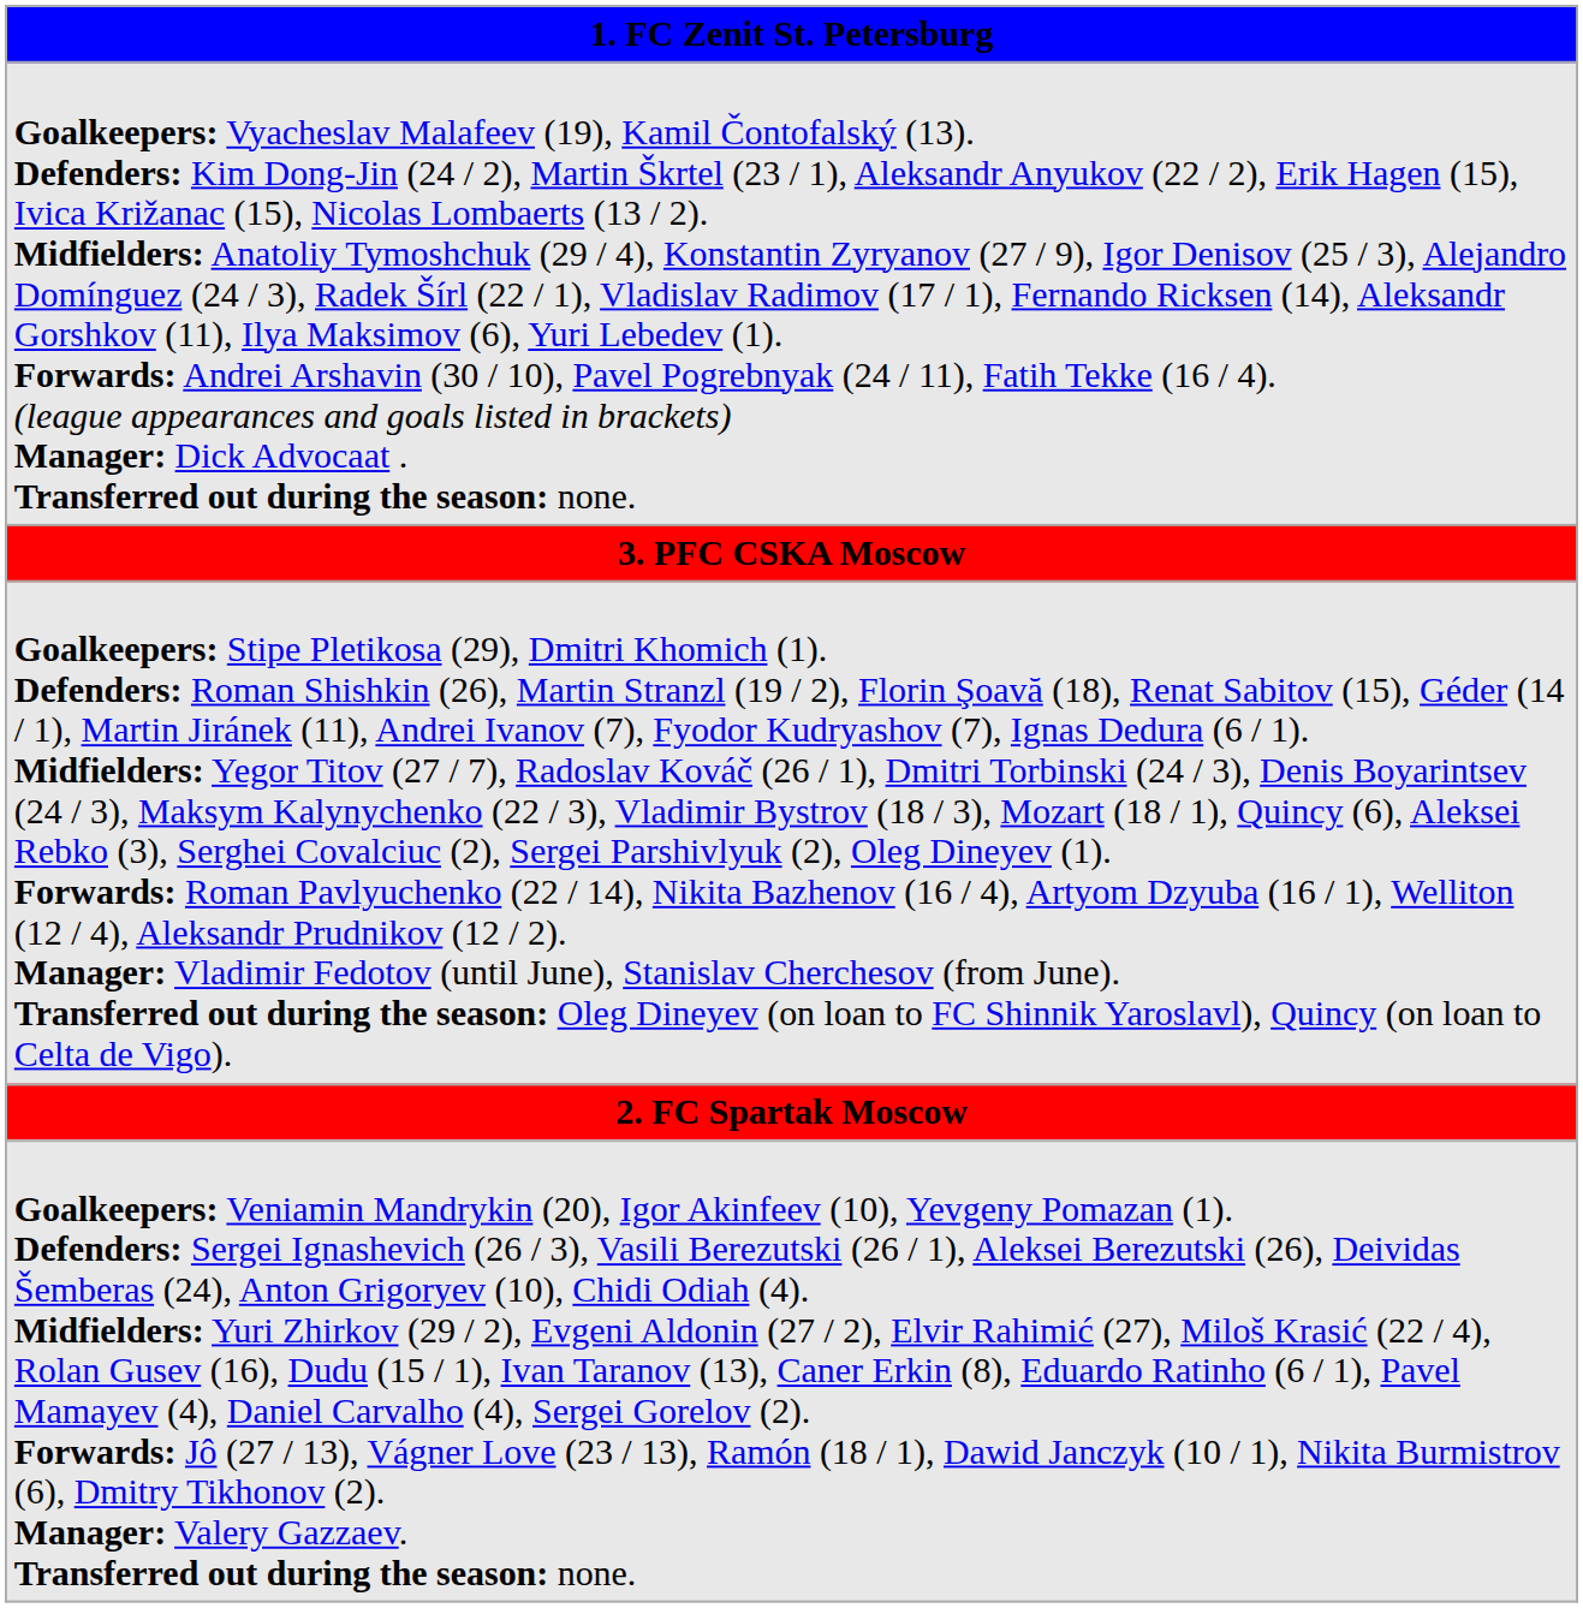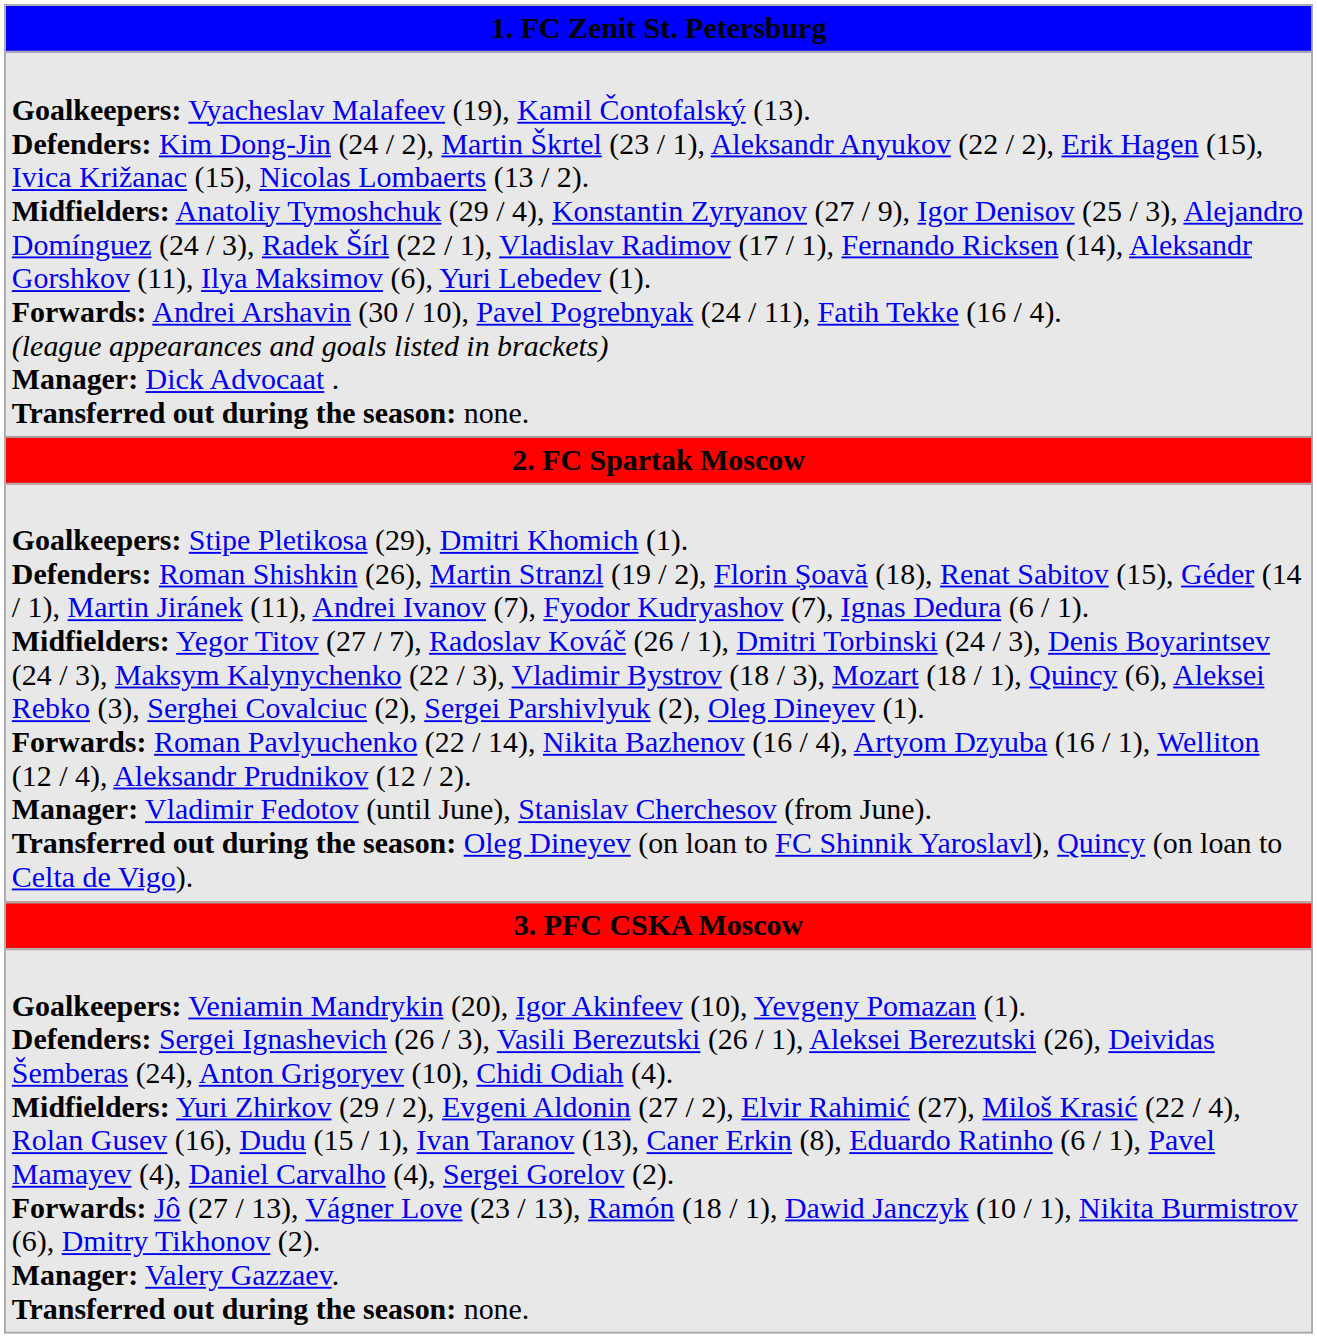 <table class="wikitable" Width="700">
 <tr bgcolor="#0000FF">
 <td align="center" width="700"><span> <strong>1. FC Zenit St. Petersburg</strong> </span></td>
 </tr>
 <tr bgcolor="#E8E8E8">
 <td align="left" width="700"><br><strong>Goalkeepers:</strong> <a href='#'>Vyacheslav Malafeev</a> (19), <a href='#'>Kamil Čontofalský</a>  (13).<br> <strong>Defenders:</strong> <a href='#'>Kim Dong-Jin</a>  (24 / 2), <a href='#'>Martin Škrtel</a>  (23 / 1), <a href='#'>Aleksandr Anyukov</a> (22 / 2), <a href='#'>Erik Hagen</a>  (15), <a href='#'>Ivica Križanac</a>  (15), <a href='#'>Nicolas Lombaerts</a>  (13 / 2).<br> <strong>Midfielders:</strong> <a href='#'>Anatoliy Tymoshchuk</a>  (29 / 4), <a href='#'>Konstantin Zyryanov</a> (27 / 9), <a href='#'>Igor Denisov</a> (25 / 3), <a href='#'>Alejandro Domínguez</a>  (24 / 3), <a href='#'>Radek Šírl</a>  (22 / 1), <a href='#'>Vladislav Radimov</a> (17 / 1), <a href='#'>Fernando Ricksen</a>  (14), <a href='#'>Aleksandr Gorshkov</a>  (11), <a href='#'>Ilya Maksimov</a> (6), <a href='#'>Yuri Lebedev</a> (1).<br> <strong>Forwards:</strong> <a href='#'>Andrei Arshavin</a> (30 / 10), <a href='#'>Pavel Pogrebnyak</a> (24 / 11), <a href='#'>Fatih Tekke</a>  (16 / 4).<br><em>(league appearances and goals listed in brackets)</em><br><strong>Manager:</strong> <a href='#'>Dick Advocaat</a> .<br><strong>Transferred out during the season:</strong> none.</td>
 </tr>
 <tr bgcolor="#FF0000">
-<td align="center" width="700"><span> <strong>3. PFC CSKA Moscow</strong> </span></td>
+<td align="center" width="700"><span> <strong>2. FC Spartak Moscow</strong> </span></td>
 </tr>
 <tr bgcolor="#E8E8E8">
 <td align="left" width="700"><br><strong>Goalkeepers:</strong> <a href='#'>Stipe Pletikosa</a>  (29), <a href='#'>Dmitri Khomich</a> (1).<br> <strong>Defenders:</strong> <a href='#'>Roman Shishkin</a> (26), <a href='#'>Martin Stranzl</a>  (19 / 2), <a href='#'>Florin Şoavă</a>  (18), <a href='#'>Renat Sabitov</a> (15), <a href='#'>Géder</a>  (14 / 1), <a href='#'>Martin Jiránek</a>  (11), <a href='#'>Andrei Ivanov</a> (7), <a href='#'>Fyodor Kudryashov</a> (7), <a href='#'>Ignas Dedura</a>  (6 / 1).<br> <strong>Midfielders:</strong> <a href='#'>Yegor Titov</a> (27 / 7), <a href='#'>Radoslav Kováč</a>  (26 / 1), <a href='#'>Dmitri Torbinski</a> (24 / 3), <a href='#'>Denis Boyarintsev</a> (24 / 3), <a href='#'>Maksym Kalynychenko</a>  (22 / 3), <a href='#'>Vladimir Bystrov</a> (18 / 3), <a href='#'>Mozart</a>  (18 / 1), <a href='#'>Quincy</a>  (6), <a href='#'>Aleksei Rebko</a> (3), <a href='#'>Serghei Covalciuc</a>  (2), <a href='#'>Sergei Parshivlyuk</a> (2), <a href='#'>Oleg Dineyev</a> (1). <br> <strong>Forwards:</strong> <a href='#'>Roman Pavlyuchenko</a> (22 / 14), <a href='#'>Nikita Bazhenov</a> (16 / 4), <a href='#'>Artyom Dzyuba</a> (16 / 1), <a href='#'>Welliton</a>  (12 / 4), <a href='#'>Aleksandr Prudnikov</a> (12 / 2).<br><strong>Manager:</strong> <a href='#'>Vladimir Fedotov</a> (until June), <a href='#'>Stanislav Cherchesov</a> (from June).<br><strong>Transferred out during the season:</strong> <a href='#'>Oleg Dineyev</a> (on loan to <a href='#'>FC Shinnik Yaroslavl</a>), <a href='#'>Quincy</a>  (on loan to  <a href='#'>Celta de Vigo</a>).</td>
 </tr>
 <tr bgcolor="#FF0000">
-<td align="center" width="700"><span> <strong>2. FC Spartak Moscow</strong> </span></td>
+<td align="center" width="700"><span> <strong>3. PFC CSKA Moscow</strong> </span></td>
 </tr>
 <tr bgcolor="#E8E8E8">
 <td align="left" width="700"><br><strong>Goalkeepers:</strong> <a href='#'>Veniamin Mandrykin</a> (20), <a href='#'>Igor Akinfeev</a> (10), <a href='#'>Yevgeny Pomazan</a> (1).<br> <strong>Defenders:</strong> <a href='#'>Sergei Ignashevich</a> (26 / 3), <a href='#'>Vasili Berezutski</a> (26 / 1), <a href='#'>Aleksei Berezutski</a> (26), <a href='#'>Deividas Šemberas</a>  (24), <a href='#'>Anton Grigoryev</a> (10), <a href='#'>Chidi Odiah</a>  (4).<br> <strong>Midfielders:</strong> <a href='#'>Yuri Zhirkov</a> (29 / 2), <a href='#'>Evgeni Aldonin</a> (27 / 2), <a href='#'>Elvir Rahimić</a>  (27), <a href='#'>Miloš Krasić</a>  (22 / 4), <a href='#'>Rolan Gusev</a> (16), <a href='#'>Dudu</a>  (15 / 1), <a href='#'>Ivan Taranov</a> (13), <a href='#'>Caner Erkin</a>  (8), <a href='#'>Eduardo Ratinho</a>  (6 / 1), <a href='#'>Pavel Mamayev</a> (4), <a href='#'>Daniel Carvalho</a>  (4), <a href='#'>Sergei Gorelov</a> (2).<br> <strong>Forwards:</strong> <a href='#'>Jô</a>  (27 / 13), <a href='#'>Vágner Love</a>  (23 / 13), <a href='#'>Ramón</a>  (18 / 1), <a href='#'>Dawid Janczyk</a>  (10 / 1), <a href='#'>Nikita Burmistrov</a> (6), <a href='#'>Dmitry Tikhonov</a> (2).<br><strong>Manager:</strong> <a href='#'>Valery Gazzaev</a>.<br><strong>Transferred out during the season:</strong> none.</td>
 </tr>
 </table>
